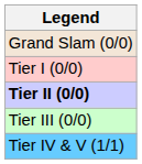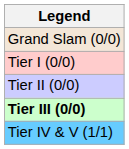 <table class="wikitable sortable mw-collapsible mw-collapsed">
 <tr>
 <th>Legend</th>
 </tr>
 <tr>
 <td align="center" colspan="2" style="background:#f3e6d7;">Grand Slam (0/0)</td>
 </tr>
 <tr>
 <td bgcolor="#ffcccc">Tier I (0/0)</td>
 </tr>
 <tr>
-<td bgcolor="#ccccff"><strong>Tier II (0/0)</strong></td>
+<td bgcolor="#ccccff">Tier II (0/0)</td>
 </tr>
 <tr>
-<td bgcolor="#CCFFCC">Tier III (0/0)</td>
+<td bgcolor="#CCFFCC"><strong>Tier III (0/0)</strong></td>
 </tr>
 <tr>
 <td bgcolor="#66CCFF">Tier IV & V (1/1)</td>
 </tr>
 </table>
